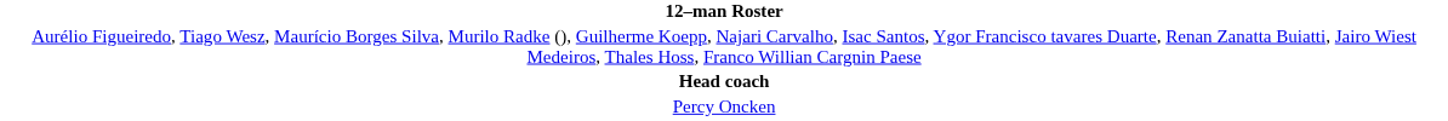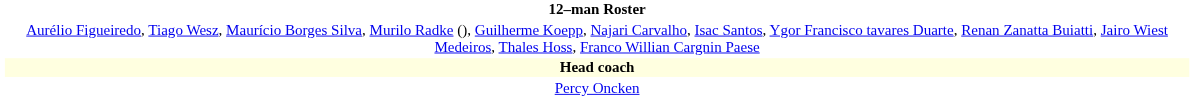 <table style="text-align: center; margin-top: 2em; margin-left: auto; margin-right: auto">
 <tr>
 <td><strong>12–man Roster</strong></td>
 </tr>
 <tr>
 <td><a href='#'>Aurélio Figueiredo</a>, <a href='#'>Tiago Wesz</a>, <a href='#'>Maurício Borges Silva</a>, <a href='#'>Murilo Radke</a> (), <a href='#'>Guilherme Koepp</a>, <a href='#'>Najari Carvalho</a>, <a href='#'>Isac Santos</a>, <a href='#'>Ygor Francisco tavares Duarte</a>, <a href='#'>Renan Zanatta Buiatti</a>, <a href='#'>Jairo Wiest Medeiros</a>, <a href='#'>Thales Hoss</a>, <a href='#'>Franco Willian Cargnin Paese</a></td>
 </tr>
 <tr>
-<td><strong>Head coach</strong></td>
+<td style="background: lightyellow;"><strong>Head coach</strong></td>
 </tr>
 <tr>
 <td><a href='#'>Percy Oncken</a></td>
 </tr>
 </table>
